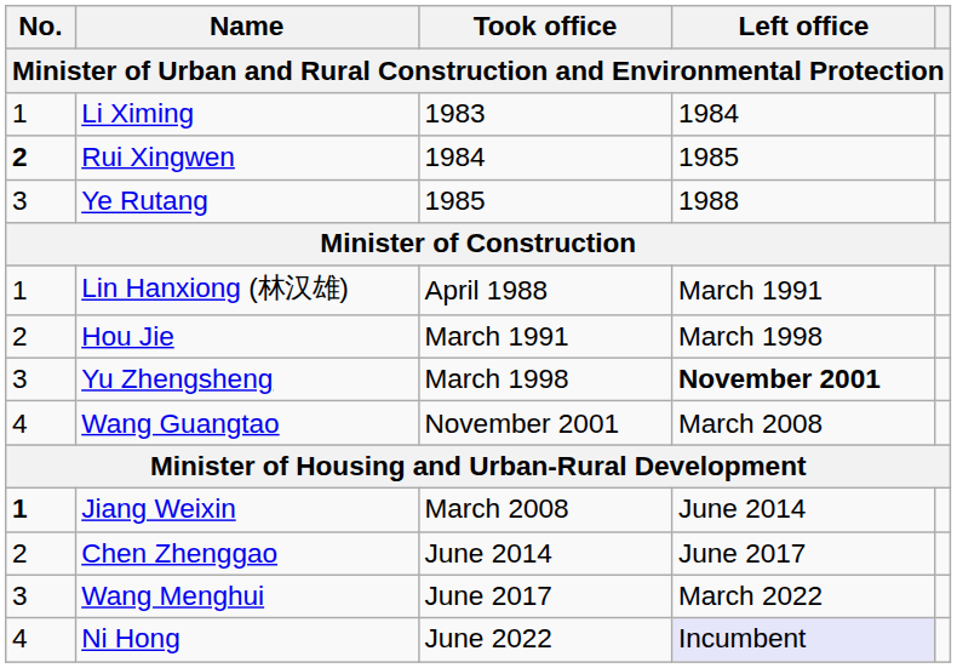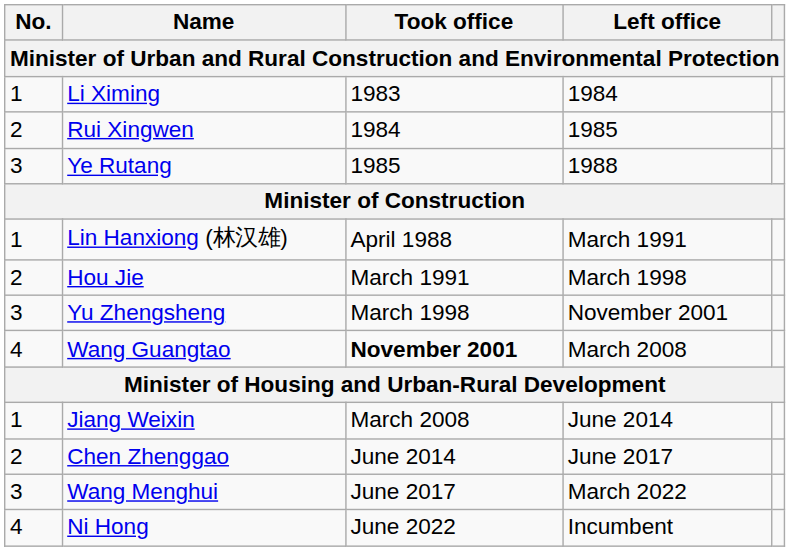 <table class="wikitable">
 <tr>
 <th>No.</th>
 <th>Name</th>
 <th>Took office</th>
 <th>Left office</th>
 <th></th>
 </tr>
 <tr>
 <th colspan="5">Minister of Urban and Rural Construction and Environmental Protection</th>
 </tr>
 <tr>
 <td>1</td>
 <td><a href='#'>Li Ximing</a></td>
 <td>1983</td>
 <td>1984</td>
 <td></td>
 </tr>
 <tr>
-<td><strong>2</strong></td>
+<td>2</td>
 <td><a href='#'>Rui Xingwen</a></td>
 <td>1984</td>
 <td>1985</td>
 <td></td>
 </tr>
 <tr>
 <td>3</td>
 <td><a href='#'>Ye Rutang</a></td>
 <td>1985</td>
 <td>1988</td>
 <td></td>
 </tr>
 <tr>
 <th colspan="5">Minister of Construction</th>
 </tr>
 <tr>
 <td>1</td>
 <td><a href='#'>Lin Hanxiong</a> (林汉雄)</td>
 <td>April 1988</td>
 <td>March 1991</td>
 <td></td>
 </tr>
 <tr>
 <td>2</td>
 <td><a href='#'>Hou Jie</a></td>
 <td>March 1991</td>
 <td>March 1998</td>
 <td></td>
 </tr>
 <tr>
 <td>3</td>
 <td><a href='#'>Yu Zhengsheng</a></td>
 <td>March 1998</td>
-<td><strong>November 2001</strong></td>
+<td>November 2001</td>
 <td></td>
 </tr>
 <tr>
 <td>4</td>
 <td><a href='#'>Wang Guangtao</a></td>
-<td>November 2001</td>
+<td><strong>November 2001</strong></td>
 <td>March 2008</td>
 <td></td>
 </tr>
 <tr>
 <th colspan="5">Minister of Housing and Urban-Rural Development</th>
 </tr>
 <tr>
-<td><strong>1</strong></td>
+<td>1</td>
 <td><a href='#'>Jiang Weixin</a></td>
 <td>March 2008</td>
 <td>June 2014</td>
 <td></td>
 </tr>
 <tr>
 <td>2</td>
 <td><a href='#'>Chen Zhenggao</a></td>
 <td>June 2014</td>
 <td>June 2017</td>
 <td></td>
 </tr>
 <tr>
 <td>3</td>
 <td><a href='#'>Wang Menghui</a></td>
 <td>June 2017</td>
 <td>March 2022</td>
 <td></td>
 </tr>
 <tr>
 <td>4</td>
 <td><a href='#'>Ni Hong</a></td>
 <td>June 2022</td>
-<td style="background: lavender;">Incumbent</td>
+<td>Incumbent</td>
 <td></td>
 </tr>
 </table>
